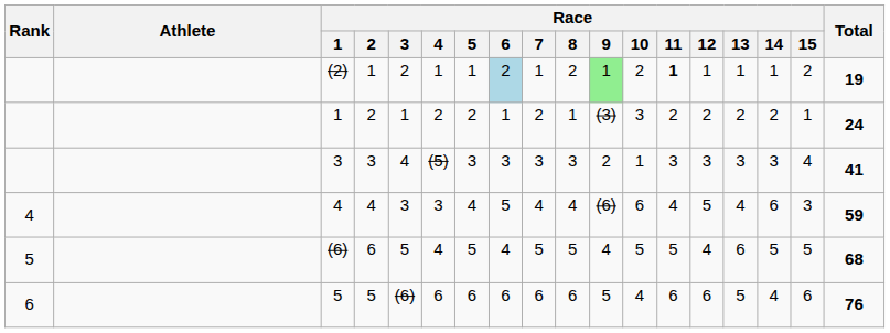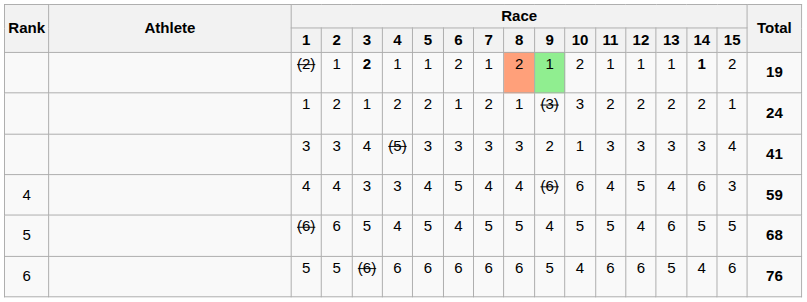 <table | class="wikitable" style="text-align:center">
 <tr>
 <th rowspan="2" width=40>Rank</th>
 <th rowspan="2" width=250>Athlete</th>
 <th colspan="15">Race</th>
 <th rowspan="2" width=50>Total</th>
 </tr>
 <tr>
 <th width=25>1</th>
 <th width=25>2</th>
 <th width=25>3</th>
 <th width=25>4</th>
 <th width=25>5</th>
 <th width=25>6</th>
 <th width=25>7</th>
 <th width=25>8</th>
 <th width=25>9</th>
 <th width=25>10</th>
 <th width=25>11</th>
 <th width=25>12</th>
 <th width=25>13</th>
 <th width=25>14</th>
 <th width=25>15</th>
 </tr>
 <tr>
 <td></td>
 <td align=left></td>
 <td><s>(2)</s><br> </td>
 <td>1<br> </td>
+<td><strong>2<br> </strong></td>
+<td>1<br> </td>
+<td>1<br> </td>
+<td>2<br> </td>
+<td>1<br> </td>
+<td style="background: lightsalmon;">2<br> </td>
+<td style="background: lightgreen;">1<br> </td>
 <td>2<br> </td>
 <td>1<br> </td>
 <td>1<br> </td>
-<td style="background: lightblue;">2<br> </td>
 <td>1<br> </td>
-<td>2<br> </td>
-<td style="background: lightgreen;">1<br> </td>
-<td>2<br> </td>
 <td><strong>1<br> </strong></td>
-<td>1<br> </td>
-<td>1<br> </td>
-<td>1<br> </td>
 <td>2<br> </td>
 <td><strong>19</strong></td>
 </tr>
 <tr>
 <td></td>
 <td align=left></td>
 <td>1<br> </td>
 <td>2<br> </td>
 <td>1<br> </td>
 <td>2<br> </td>
 <td>2<br> </td>
 <td>1<br> </td>
 <td>2<br> </td>
 <td>1<br> </td>
 <td><s>(3)</s><br> </td>
 <td>3<br> </td>
 <td>2<br> </td>
 <td>2<br> </td>
 <td>2<br> </td>
 <td>2<br> </td>
 <td>1<br> </td>
 <td><strong>24</strong></td>
 </tr>
 <tr>
 <td></td>
 <td align=left></td>
 <td>3<br> </td>
 <td>3<br> </td>
 <td>4<br> </td>
 <td><s>(5)</s><br> </td>
 <td>3<br> </td>
 <td>3<br> </td>
 <td>3<br> </td>
 <td>3<br> </td>
 <td>2<br> </td>
 <td>1<br> </td>
 <td>3<br> </td>
 <td>3<br> </td>
 <td>3<br> </td>
 <td>3<br> </td>
 <td>4<br> </td>
 <td><strong>41</strong></td>
 </tr>
 <tr>
 <td>4</td>
 <td align=left></td>
 <td>4<br> </td>
 <td>4<br> </td>
 <td>3<br> </td>
 <td>3<br> </td>
 <td>4<br> </td>
 <td>5<br> </td>
 <td>4<br> </td>
 <td>4<br> </td>
 <td><s>(6)</s><br> </td>
 <td>6<br> </td>
 <td>4<br> </td>
 <td>5<br> </td>
 <td>4<br> </td>
 <td>6<br> </td>
 <td>3<br> </td>
 <td><strong>59</strong></td>
 </tr>
 <tr>
 <td>5</td>
 <td align=left></td>
 <td><s>(6)</s><br> </td>
 <td>6<br> </td>
 <td>5<br> </td>
 <td>4<br> </td>
 <td>5<br> </td>
 <td>4<br> </td>
 <td>5<br> </td>
 <td>5<br> </td>
 <td>4<br> </td>
 <td>5<br> </td>
 <td>5<br> </td>
 <td>4<br> </td>
 <td>6<br> </td>
 <td>5<br> </td>
 <td>5<br> </td>
 <td><strong>68</strong></td>
 </tr>
 <tr>
 <td>6</td>
 <td align=left></td>
 <td>5<br> </td>
 <td>5<br> </td>
 <td><s>(6)</s><br> </td>
 <td>6<br> </td>
 <td>6<br> </td>
 <td>6<br> </td>
 <td>6<br> </td>
 <td>6<br> </td>
 <td>5<br> </td>
 <td>4<br> </td>
 <td>6<br> </td>
 <td>6<br> </td>
 <td>5<br> </td>
 <td>4<br> </td>
 <td>6<br> </td>
 <td><strong>76</strong></td>
 </tr>
 </table>
